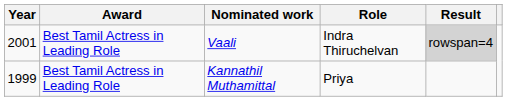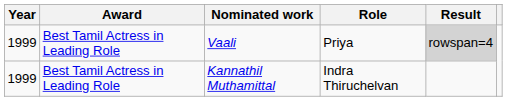 <table class="wikitable">
 <tr>
 <th>Year</th>
 <th>Award</th>
 <th>Nominated work</th>
 <th>Role</th>
 <th>Result</th>
 <th></th>
 </tr>
 <tr>
-<td>2001</td>
+<td>1999</td>
 <td><a href='#'>Best Tamil Actress in Leading Role</a></td>
 <td><em><a href='#'>Vaali</a></em></td>
-<td>Indra Thiruchelvan</td>
+<td>Priya</td>
 <td style="background: lightgrey;">rowspan=4 </td>
 <td rowspan=4><br></td>
 </tr>
 <tr>
 <td>1999</td>
 <td><a href='#'>Best Tamil Actress in Leading Role</a></td>
 <td><em><a href='#'>Kannathil Muthamittal</a></em></td>
-<td>Priya</td>
+<td>Indra Thiruchelvan</td>
 </tr>
 </table>
